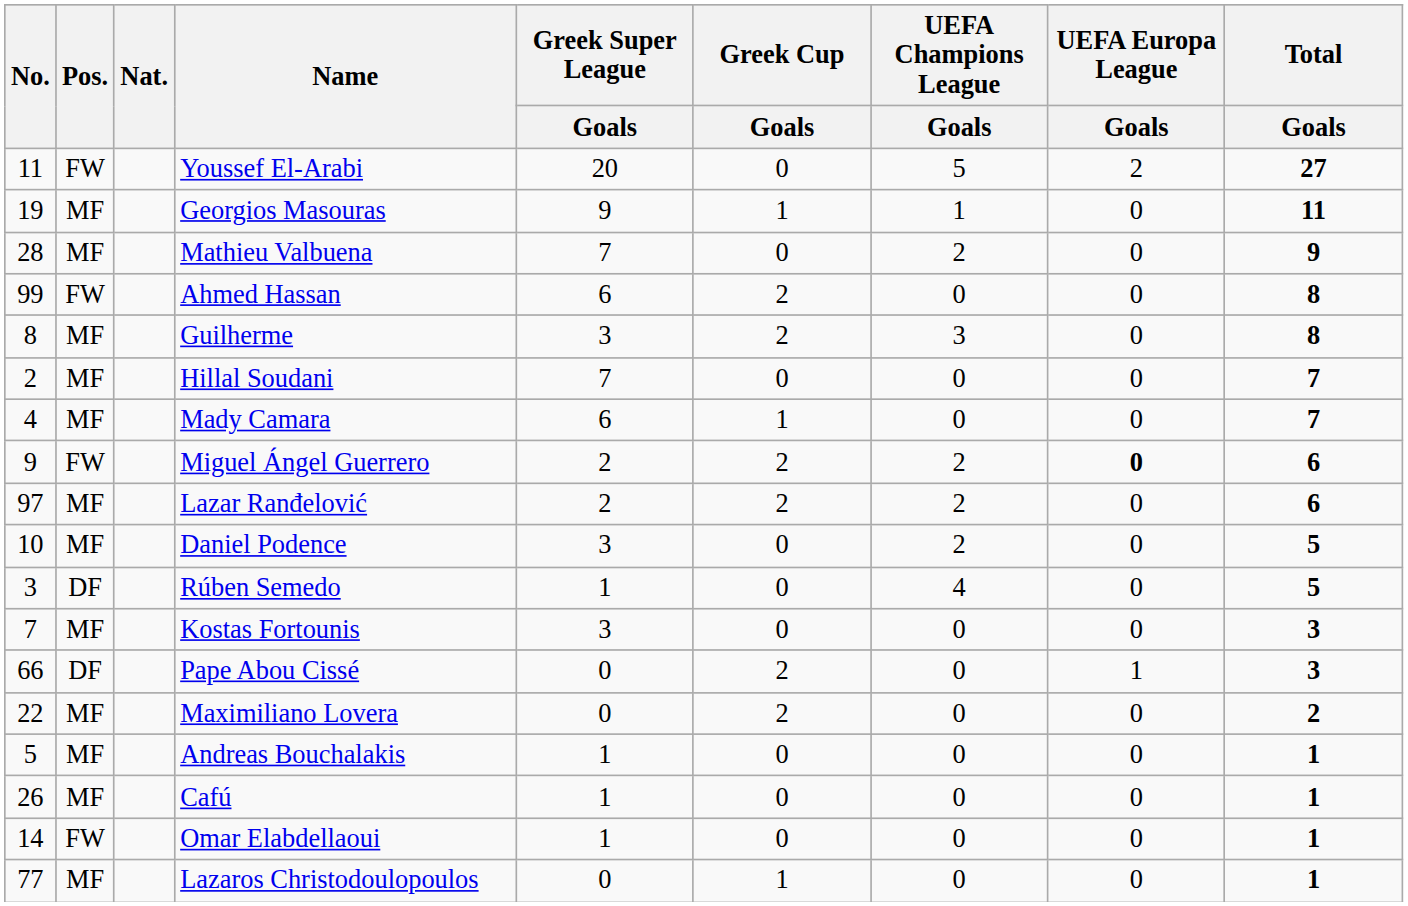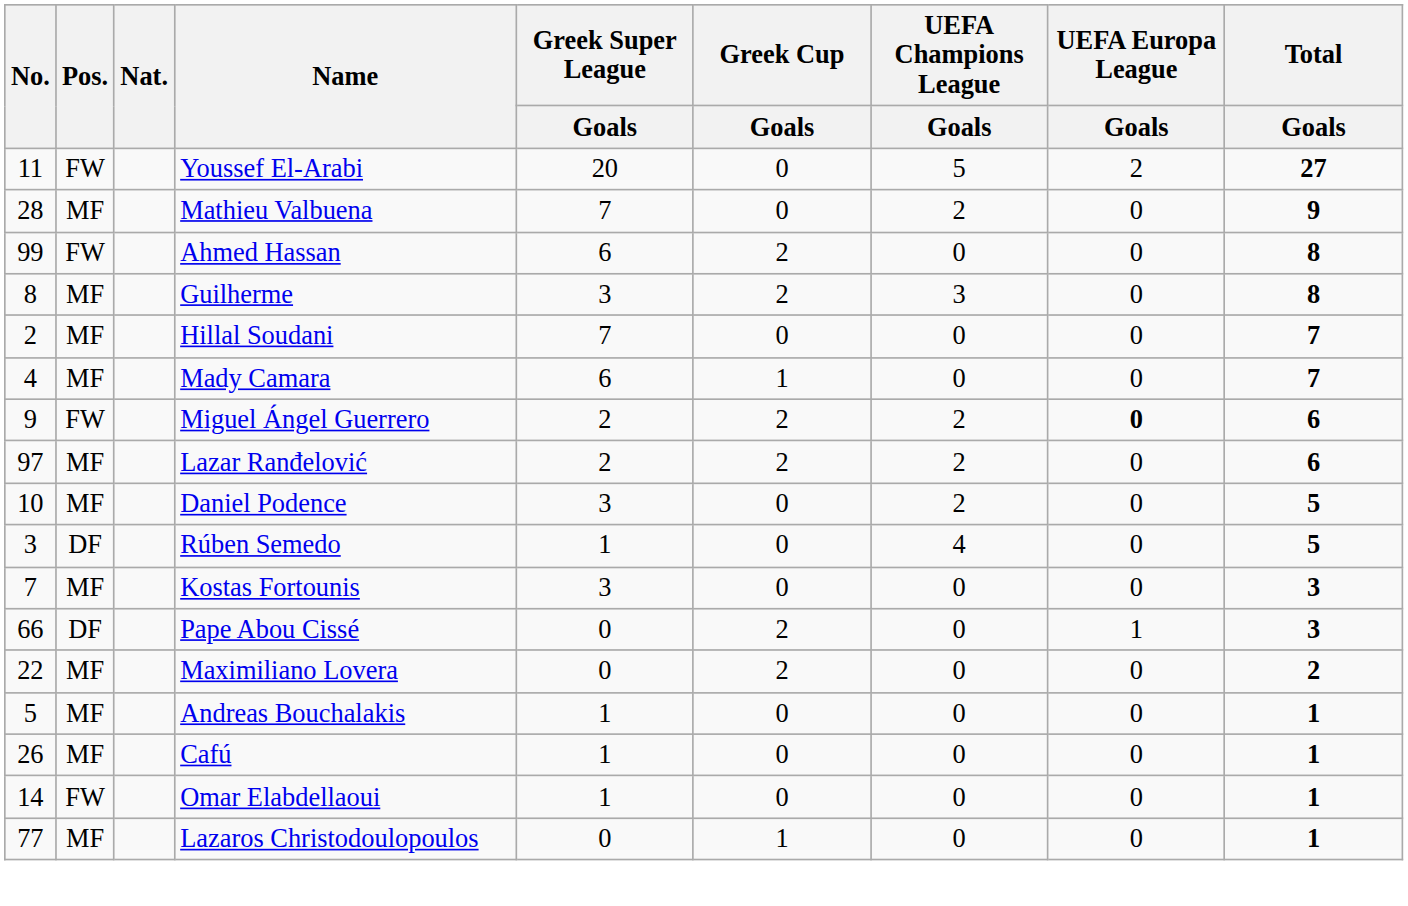 <table class="wikitable sortable" style="text-align:center">
 <tr>
 <th style="text-align:center;" rowspan="2">No.</th>
 <th style="text-align:center;" rowspan="2">Pos.</th>
 <th style="text-align:center;" rowspan="2">Nat.</th>
 <th style="text-align:center; width:200px;" rowspan="2">Name</th>
 <th style="text-align:center; width:100px;">Greek Super League</th>
 <th style="text-align:center; width:100px;">Greek Cup</th>
 <th style="text-align:center; width:100px;">UEFA Champions League</th>
 <th style="text-align:center; width:100px;">UEFA Europa League</th>
 <th style="text-align:center; width:100px;">Total</th>
 </tr>
 <tr>
 <th style="text-align:center;">Goals</th>
 <th style="text-align:center;">Goals</th>
 <th style="text-align:center;">Goals</th>
 <th style="text-align:center;">Goals</th>
 <th style="text-align:center;">Goals</th>
 </tr>
 <tr>
 <td>11</td>
 <td>FW</td>
 <td></td>
 <td align=left><a href='#'>Youssef El-Arabi</a></td>
 <td>20</td>
 <td>0</td>
 <td>5</td>
 <td>2</td>
 <td><strong>27</strong></td>
-</tr>
-<tr>
-<td>19</td>
-<td>MF</td>
-<td></td>
-<td align=left><a href='#'>Georgios Masouras</a></td>
-<td>9</td>
-<td>1</td>
-<td>1</td>
-<td>0</td>
-<td><strong>11</strong></td>
 </tr>
 <tr>
 <td>28</td>
 <td>MF</td>
 <td></td>
 <td align=left><a href='#'>Mathieu Valbuena</a></td>
 <td>7</td>
 <td>0</td>
 <td>2</td>
 <td>0</td>
 <td><strong>9</strong></td>
 </tr>
 <tr>
 <td>99</td>
 <td>FW</td>
 <td></td>
 <td align=left><a href='#'>Ahmed Hassan</a></td>
 <td>6</td>
 <td>2</td>
 <td>0</td>
 <td>0</td>
 <td><strong>8</strong></td>
 </tr>
 <tr>
 <td>8</td>
 <td>MF</td>
 <td></td>
 <td align=left><a href='#'>Guilherme</a></td>
 <td>3</td>
 <td>2</td>
 <td>3</td>
 <td>0</td>
 <td><strong>8</strong></td>
 </tr>
 <tr>
 <td>2</td>
 <td>MF</td>
 <td></td>
 <td align=left><a href='#'>Hillal Soudani</a></td>
 <td>7</td>
 <td>0</td>
 <td>0</td>
 <td>0</td>
 <td><strong>7</strong></td>
 </tr>
 <tr>
 <td>4</td>
 <td>MF</td>
 <td></td>
 <td align=left><a href='#'>Mady Camara</a></td>
 <td>6</td>
 <td>1</td>
 <td>0</td>
 <td>0</td>
 <td><strong>7</strong></td>
 </tr>
 <tr>
 <td>9</td>
 <td>FW</td>
 <td></td>
 <td align=left><a href='#'>Miguel Ángel Guerrero</a></td>
 <td>2</td>
 <td>2</td>
 <td>2</td>
 <td><strong>0</strong></td>
 <td><strong>6</strong></td>
 </tr>
 <tr>
 <td>97</td>
 <td>MF</td>
 <td></td>
 <td align=left><a href='#'>Lazar Ranđelović</a></td>
 <td>2</td>
 <td>2</td>
 <td>2</td>
 <td>0</td>
 <td><strong>6</strong></td>
 </tr>
 <tr>
 <td>10</td>
 <td>MF</td>
 <td></td>
 <td align=left><a href='#'>Daniel Podence</a></td>
 <td>3</td>
 <td>0</td>
 <td>2</td>
 <td>0</td>
 <td><strong>5</strong></td>
 </tr>
 <tr>
 <td>3</td>
 <td>DF</td>
 <td></td>
 <td align=left><a href='#'>Rúben Semedo</a></td>
 <td>1</td>
 <td>0</td>
 <td>4</td>
 <td>0</td>
 <td><strong>5</strong></td>
 </tr>
 <tr>
 <td>7</td>
 <td>MF</td>
 <td></td>
 <td align=left><a href='#'>Kostas Fortounis</a></td>
 <td>3</td>
 <td>0</td>
 <td>0</td>
 <td>0</td>
 <td><strong>3</strong></td>
 </tr>
 <tr>
 <td>66</td>
 <td>DF</td>
 <td></td>
 <td align=left><a href='#'>Pape Abou Cissé</a></td>
 <td>0</td>
 <td>2</td>
 <td>0</td>
 <td>1</td>
 <td><strong>3</strong></td>
 </tr>
 <tr>
 <td>22</td>
 <td>MF</td>
 <td></td>
 <td align=left><a href='#'>Maximiliano Lovera</a></td>
 <td>0</td>
 <td>2</td>
 <td>0</td>
 <td>0</td>
 <td><strong>2</strong></td>
 </tr>
 <tr>
 <td>5</td>
 <td>MF</td>
 <td></td>
 <td align=left><a href='#'>Andreas Bouchalakis</a></td>
 <td>1</td>
 <td>0</td>
 <td>0</td>
 <td>0</td>
 <td><strong>1</strong></td>
 </tr>
 <tr>
 <td>26</td>
 <td>MF</td>
 <td></td>
 <td align=left><a href='#'>Cafú</a></td>
 <td>1</td>
 <td>0</td>
 <td>0</td>
 <td>0</td>
 <td><strong>1</strong></td>
 </tr>
 <tr>
 <td>14</td>
 <td>FW</td>
 <td></td>
 <td align=left><a href='#'>Omar Elabdellaoui</a></td>
 <td>1</td>
 <td>0</td>
 <td>0</td>
 <td>0</td>
 <td><strong>1</strong></td>
 </tr>
 <tr>
 <td>77</td>
 <td>MF</td>
 <td></td>
 <td align=left><a href='#'>Lazaros Christodoulopoulos</a></td>
 <td>0</td>
 <td>1</td>
 <td>0</td>
 <td>0</td>
 <td><strong>1</strong></td>
 </tr>
 </table>
